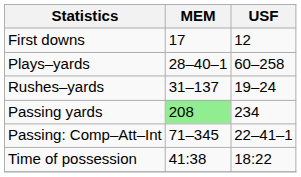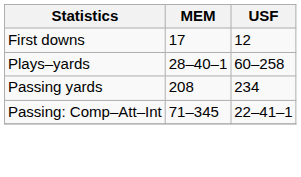 <table class="wikitable" style="float: left;">
 <tr>
 <th>Statistics</th>
 <th>MEM</th>
 <th>USF</th>
 </tr>
 <tr>
 <td>First downs</td>
 <td>17</td>
 <td>12</td>
 </tr>
 <tr>
 <td>Plays–yards</td>
 <td>28–40–1</td>
 <td>60–258</td>
 </tr>
 <tr>
-<td>Rushes–yards</td>
-<td>31–137</td>
-<td>19–24</td>
-</tr>
-<tr>
 <td>Passing yards</td>
-<td style="background: lightgreen;">208</td>
+<td>208</td>
 <td>234</td>
 </tr>
 <tr>
 <td>Passing: Comp–Att–Int</td>
 <td>71–345</td>
 <td>22–41–1</td>
 </tr>
 <tr>
-<td>Time of possession</td>
-<td>41:38</td>
-<td>18:22</td>
-</tr>
-<tr>
 </tr>
 </table>
